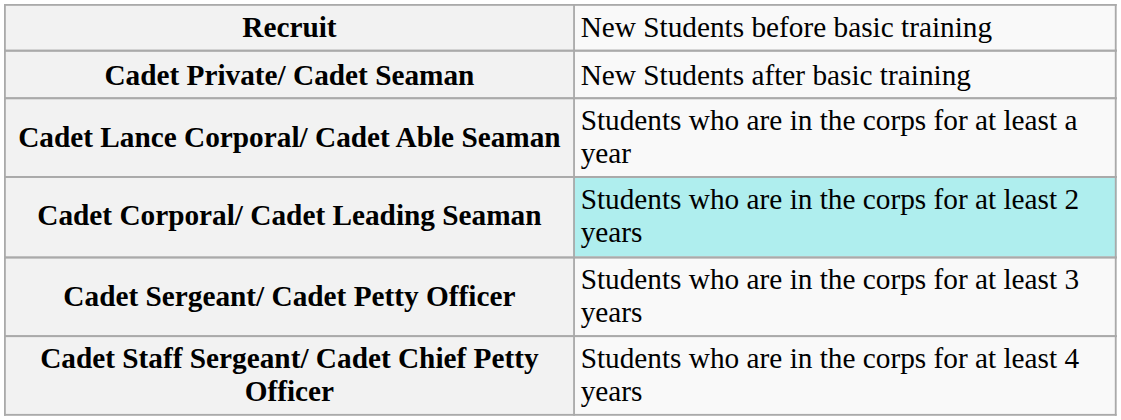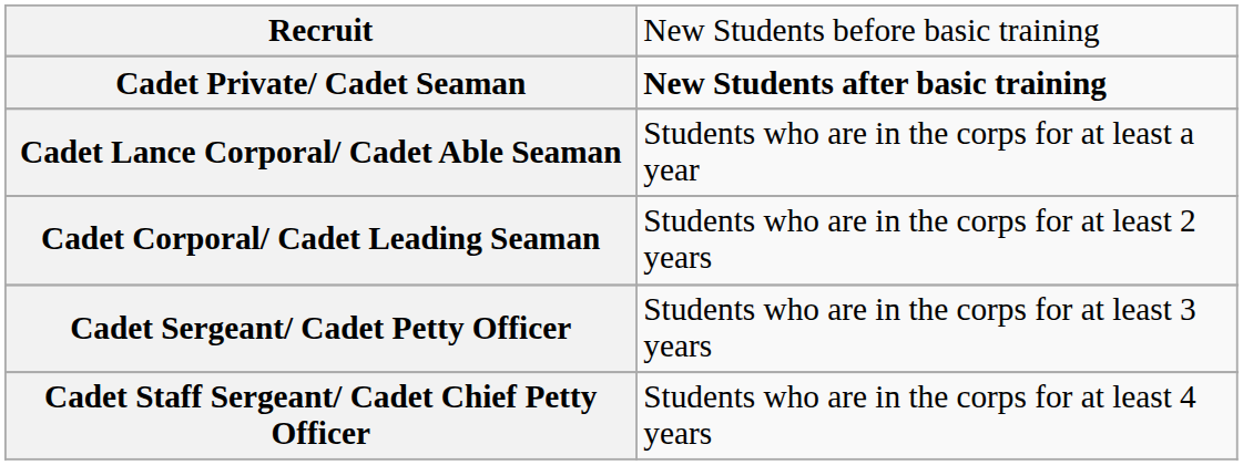 <table class="wikitable" border="1">
 <tr>
 <th>Recruit</th>
 <td>New Students before basic training</td>
 </tr>
 <tr>
 </tr>
 <tr>
 <th>Cadet Private/ Cadet Seaman</th>
-<td>New Students after basic training</td>
+<td><strong>New Students after basic training</strong></td>
 </tr>
 <tr>
 </tr>
 <tr>
 <th>Cadet Lance Corporal/ Cadet Able Seaman</th>
 <td>Students who are in the corps for at least a year</td>
 </tr>
 <tr>
 </tr>
 <tr>
 <th>Cadet Corporal/ Cadet Leading Seaman</th>
-<td style="background: paleturquoise;">Students who are in the corps for at least 2 years</td>
+<td>Students who are in the corps for at least 2 years</td>
 </tr>
 <tr>
 </tr>
 <tr>
 <th>Cadet Sergeant/ Cadet Petty Officer</th>
 <td>Students who are in the corps for at least 3 years</td>
 </tr>
 <tr>
 </tr>
 <tr>
 <th>Cadet Staff Sergeant/ Cadet Chief Petty Officer</th>
 <td>Students who are in the corps for at least 4 years</td>
 </tr>
 </table>
